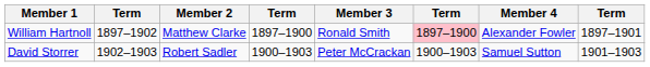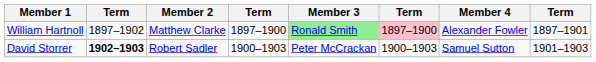 <table class="wikitable">
 <tr>
 <th>Member 1</th>
 <th>Term</th>
 <th>Member 2</th>
 <th>Term</th>
 <th>Member 3</th>
 <th>Term</th>
 <th>Member 4</th>
 <th>Term</th>
 </tr>
 <tr>
 <td rowspan=3><a href='#'>William Hartnoll</a></td>
 <td rowspan=3>1897–1902</td>
 <td><a href='#'>Matthew Clarke</a></td>
 <td>1897–1900</td>
-<td><a href='#'>Ronald Smith</a></td>
+<td style="background: lightgreen;"><a href='#'>Ronald Smith</a></td>
 <td style="background: pink;">1897–1900</td>
 <td rowspan=2><a href='#'>Alexander Fowler</a></td>
 <td rowspan=2>1897–1901</td>
 </tr>
 <tr>
 <td rowspan=3><a href='#'>Robert Sadler</a></td>
 <td rowspan=3>1900–1903</td>
 <td rowspan=3><a href='#'>Peter McCrackan</a></td>
 <td rowspan=3>1900–1903</td>
 </tr>
 <tr>
 <td rowspan=2><a href='#'>Samuel Sutton</a></td>
 <td rowspan=2>1901–1903</td>
 </tr>
 <tr>
 <td><a href='#'>David Storrer</a></td>
-<td>1902–1903</td>
+<td><strong>1902–1903</strong></td>
 </tr>
 </table>
